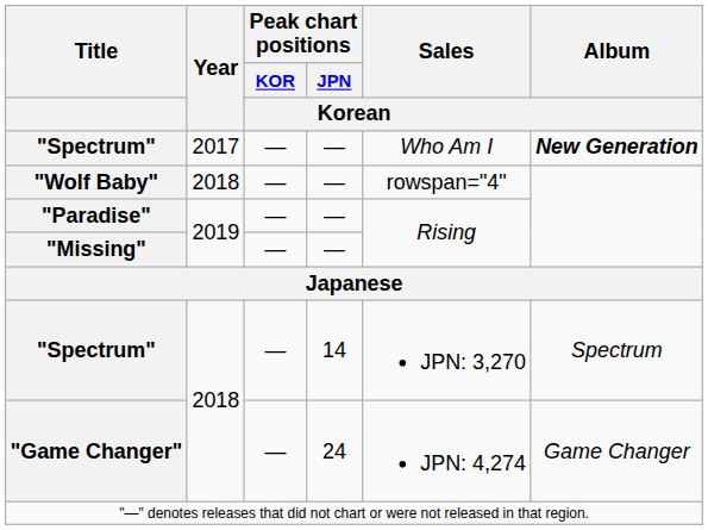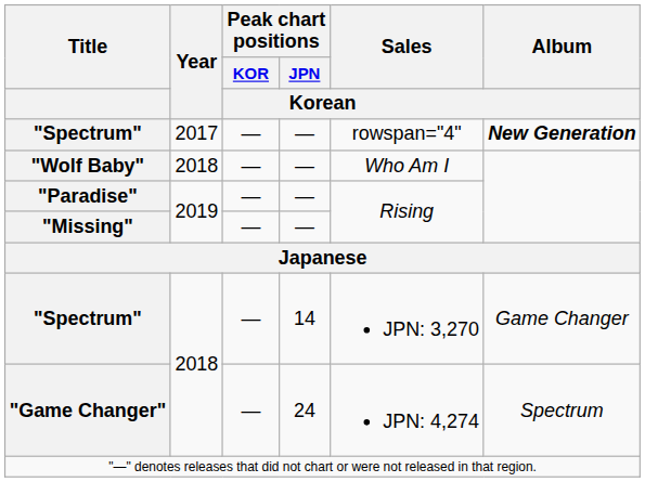 <table class="wikitable plainrowheaders" style="text-align:center;">
 <tr>
 <th scope="col" rowspan="2">Title</th>
 <th scope="col" rowspan="3">Year</th>
 <th scope="col" colspan="2">Peak chart <br> positions</th>
 <th scope="col" rowspan="2">Sales</th>
 <th scope="col" rowspan="2">Album</th>
 </tr>
 <tr>
 <th><small><a href='#'>KOR</a></small><br></th>
 <th><small><a href='#'>JPN</a></small><br></th>
 </tr>
 <tr>
 <th colspan="7">Korean</th>
 </tr>
 <tr>
 <th scope="row">"Spectrum"</th>
 <td>2017</td>
 <td>—</td>
 <td>—</td>
-<td><em>Who Am I</em></td>
+<td>rowspan="4" </td>
 <td><strong><em>New Generation</em></strong></td>
 </tr>
 <tr>
 <th scope="row">"Wolf Baby"</th>
 <td>2018</td>
 <td>—</td>
 <td>—</td>
-<td>rowspan="4" </td>
+<td><em>Who Am I</em></td>
 </tr>
 <tr>
 <th scope="row">"Paradise"</th>
 <td rowspan=2>2019</td>
 <td>—</td>
 <td>—</td>
 <td rowspan="2"><em>Rising</em></td>
 </tr>
 <tr>
 <th scope="row">"Missing"</th>
 <td>—</td>
 <td>—</td>
 </tr>
 <tr>
 <th colspan="7">Japanese</th>
 </tr>
 <tr>
 <th scope="row">"Spectrum"</th>
 <td rowspan=2>2018</td>
 <td>—</td>
 <td>14</td>
 <td><br><ul><li>JPN: 3,270</li></ul></td>
-<td><em>Spectrum</em></td>
+<td><em>Game Changer</em></td>
 </tr>
 <tr>
 <th scope="row">"Game Changer"</th>
 <td>—</td>
 <td>24</td>
 <td><br><ul><li>JPN: 4,274</li></ul></td>
-<td><em>Game Changer</em></td>
+<td><em>Spectrum</em></td>
 </tr>
 <tr>
 <td colspan="6" style="font-size:8pt;">"—" denotes releases that did not chart or were not released in that region.</td>
 </tr>
 </table>
